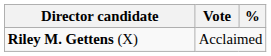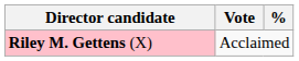 <table class="wikitable">
 <tr>
 <th width="200px">Director candidate</th>
 <th>Vote</th>
 <th>%</th>
 </tr>
 <tr>
-<td><strong>Riley M. Gettens</strong> (X) </td>
+<td style="background: pink;"><strong>Riley M. Gettens</strong> (X) </td>
 <td colspan="2">Acclaimed</td>
 </tr>
 </table>
